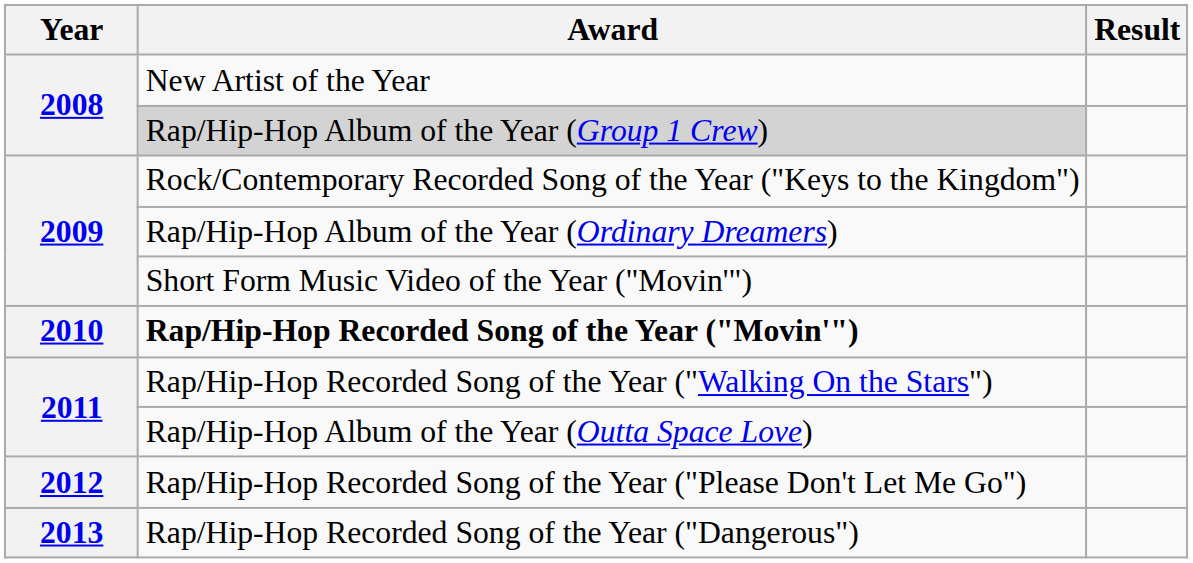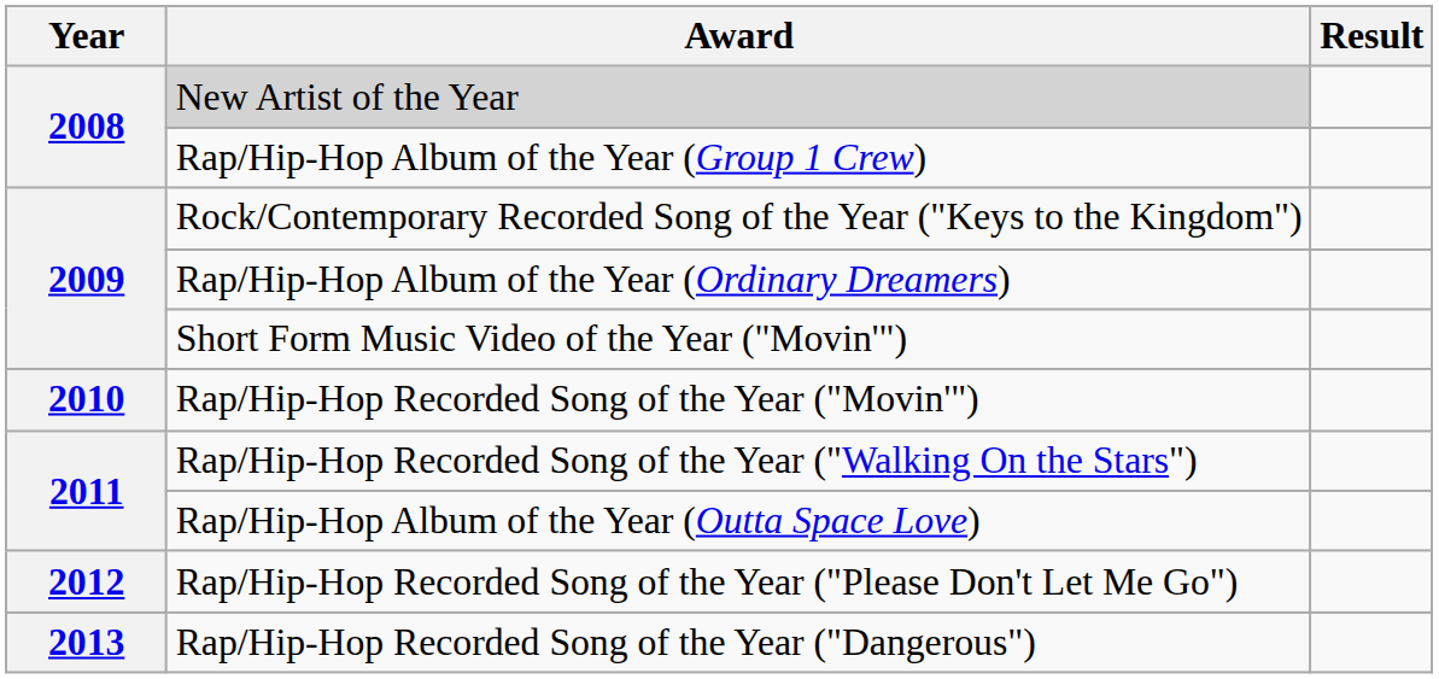 <table class="wikitable">
 <tr>
 <th style="width:60px;">Year</th>
 <th>Award</th>
 <th>Result</th>
 </tr>
 <tr>
 <th rowspan="2"><a href='#'>2008</a></th>
-<td>New Artist of the Year</td>
+<td style="background: lightgrey;">New Artist of the Year</td>
 <td></td>
 </tr>
 <tr>
-<td style="background: lightgrey;">Rap/Hip-Hop Album of the Year (<em><a href='#'>Group 1 Crew</a></em>)</td>
+<td>Rap/Hip-Hop Album of the Year (<em><a href='#'>Group 1 Crew</a></em>)</td>
 <td></td>
 </tr>
 <tr>
 <th rowspan="3"><a href='#'>2009</a></th>
 <td>Rock/Contemporary Recorded Song of the Year ("Keys to the Kingdom")</td>
 <td></td>
 </tr>
 <tr>
 <td>Rap/Hip-Hop Album of the Year (<em><a href='#'>Ordinary Dreamers</a></em>)</td>
 <td></td>
 </tr>
 <tr>
 <td>Short Form Music Video of the Year ("Movin'")</td>
 <td></td>
 </tr>
 <tr>
 <th><a href='#'>2010</a></th>
-<td><strong>Rap/Hip-Hop Recorded Song of the Year ("Movin'")</strong></td>
+<td>Rap/Hip-Hop Recorded Song of the Year ("Movin'")</td>
 <td></td>
 </tr>
 <tr>
 <th rowspan="2"><a href='#'>2011</a></th>
 <td>Rap/Hip-Hop Recorded Song of the Year ("<a href='#'>Walking On the Stars</a>")</td>
 <td></td>
 </tr>
 <tr>
 <td>Rap/Hip-Hop Album of the Year (<em><a href='#'>Outta Space Love</a></em>)</td>
 <td></td>
 </tr>
 <tr>
 <th><a href='#'>2012</a></th>
 <td>Rap/Hip-Hop Recorded Song of the Year ("Please Don't Let Me Go")</td>
 <td></td>
 </tr>
 <tr>
 <th><a href='#'>2013</a></th>
 <td>Rap/Hip-Hop Recorded Song of the Year ("Dangerous")</td>
 <td></td>
 </tr>
 </table>
